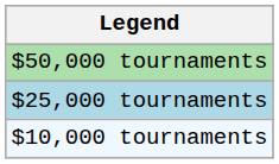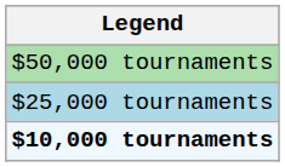 <table class="wikitable" style="font-size:90%; ">
 <tr>
 <th>Legend</th>
 </tr>
 <tr style="background:#addfad;">
 <td>$50,000 tournaments</td>
 </tr>
 <tr style="background:lightblue;">
 <td>$25,000 tournaments</td>
 </tr>
 <tr style="background:#f0f8ff;">
-<td>$10,000 tournaments</td>
+<td><strong>$10,000 tournaments</strong></td>
 </tr>
 </table>
